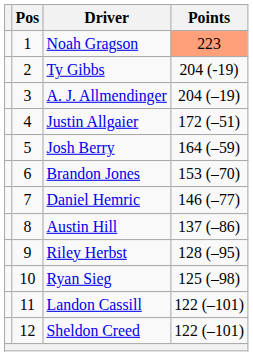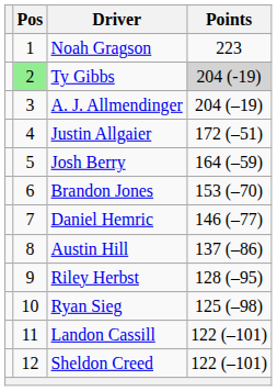 <table class="wikitable" style="font-size: 95%;">
 <tr>
 <th></th>
 <th>Pos</th>
 <th>Driver</th>
 <th>Points</th>
 </tr>
 <tr>
 <td align="left"></td>
 <td style="text-align:center;">1</td>
 <td><a href='#'>Noah Gragson</a></td>
-<td style="background: lightsalmon; text-align:center;">223</td>
+<td style="text-align:center;">223</td>
 </tr>
 <tr>
 <td align="left"></td>
-<td style="text-align:center;">2</td>
+<td style="background: lightgreen; text-align:center;">2</td>
 <td><a href='#'>Ty Gibbs</a></td>
-<td style="text-align:center;">204 (-19)</td>
+<td style="background: lightgrey; text-align:center;">204 (-19)</td>
 </tr>
 <tr>
 <td align="left"></td>
 <td style="text-align:center;">3</td>
 <td><a href='#'>A. J. Allmendinger</a></td>
 <td style="text-align:center;">204 (–19)</td>
 </tr>
 <tr>
 <td align="left"></td>
 <td style="text-align:center;">4</td>
 <td><a href='#'>Justin Allgaier</a></td>
 <td style="text-align:center;">172 (–51)</td>
 </tr>
 <tr>
 <td align="left"></td>
 <td style="text-align:center;">5</td>
 <td><a href='#'>Josh Berry</a></td>
 <td style="text-align:center;">164 (–59)</td>
 </tr>
 <tr>
 <td align="left"></td>
 <td style="text-align:center;">6</td>
 <td><a href='#'>Brandon Jones</a></td>
 <td style="text-align:center;">153 (–70)</td>
 </tr>
 <tr>
 <td align="left"></td>
 <td style="text-align:center;">7</td>
 <td><a href='#'>Daniel Hemric</a></td>
 <td style="text-align:center;">146 (–77)</td>
 </tr>
 <tr>
 <td align="left"></td>
 <td style="text-align:center;">8</td>
 <td><a href='#'>Austin Hill</a></td>
 <td style="text-align:center;">137 (–86)</td>
 </tr>
 <tr>
 <td align="left"></td>
 <td style="text-align:center;">9</td>
 <td><a href='#'>Riley Herbst</a></td>
 <td style="text-align:center;">128 (–95)</td>
 </tr>
 <tr>
 <td align="left"></td>
 <td style="text-align:center;">10</td>
 <td><a href='#'>Ryan Sieg</a></td>
 <td style="text-align:center;">125 (–98)</td>
 </tr>
 <tr>
 <td align="left"></td>
 <td style="text-align:center;">11</td>
 <td><a href='#'>Landon Cassill</a></td>
 <td style="text-align:center;">122 (–101)</td>
 </tr>
 <tr>
 <td align="left"></td>
 <td style="text-align:center;">12</td>
 <td><a href='#'>Sheldon Creed</a></td>
 <td style="text-align:center;">122 (–101)</td>
 </tr>
 <tr class="sortbottom">
 <th colspan="9"></th>
 </tr>
 </table>
